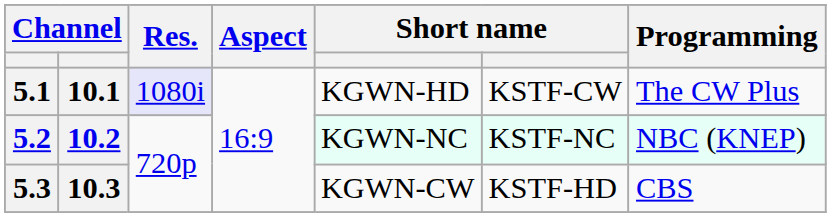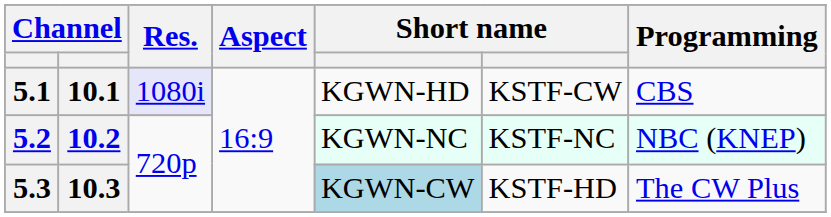 <table class="wikitable">
 <tr>
 <th scope = "col" colspan="2"><a href='#'>Channel</a></th>
 <th scope = "col" rowspan="2"><a href='#'>Res.</a></th>
 <th scope = "col" rowspan="2"><a href='#'>Aspect</a></th>
 <th scope = "col" colspan="2">Short name</th>
 <th scope = "col" rowspan="2">Programming</th>
 </tr>
 <tr>
 <th scope = "col"></th>
 <th></th>
 <th scope = "col"></th>
 <th></th>
 </tr>
 <tr>
 <th scope = "row">5.1</th>
 <th>10.1</th>
 <td style="background: lavender;"><a href='#'>1080i</a></td>
 <td rowspan=3><a href='#'>16:9</a></td>
 <td>KGWN-HD</td>
 <td>KSTF-CW</td>
-<td><a href='#'>The CW Plus</a></td>
+<td><a href='#'>CBS</a></td>
 </tr>
 <tr>
 <th scope = "row"><a href='#'>5.2</a></th>
 <th><a href='#'>10.2</a></th>
 <td rowspan=2><a href='#'>720p</a></td>
 <td style="background-color: #E6FFF7;">KGWN-NC</td>
 <td style="background-color: #E6FFF7;">KSTF-NC</td>
 <td style="background-color: #E6FFF7;"><a href='#'>NBC</a> (<a href='#'>KNEP</a>)</td>
 </tr>
 <tr>
 <th scope = "row">5.3</th>
 <th>10.3</th>
-<td>KGWN-CW</td>
+<td style="background: lightblue;">KGWN-CW</td>
 <td>KSTF-HD</td>
-<td><a href='#'>CBS</a></td>
+<td><a href='#'>The CW Plus</a></td>
 </tr>
 </table>
